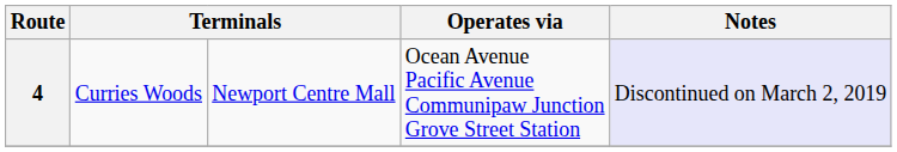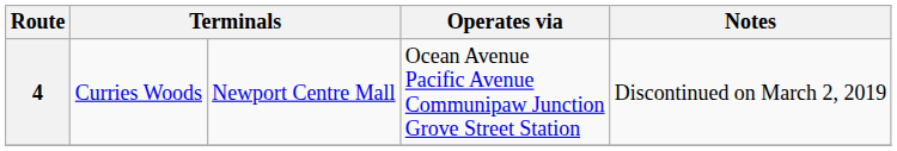 <table class="wikitable" style="font-size: 100%;" |>
 <tr>
 <th>Route</th>
 <th colspan=2>Terminals</th>
 <th>Operates via</th>
 <th>Notes</th>
 </tr>
 <tr>
 <th>4</th>
 <td><a href='#'>Curries Woods</a></td>
 <td><a href='#'>Newport Centre Mall</a></td>
 <td>Ocean Avenue<br><a href='#'>Pacific Avenue</a><br><a href='#'>Communipaw Junction</a><br><a href='#'>Grove Street Station</a></td>
-<td style="background: lavender;">Discontinued on March 2, 2019</td>
+<td>Discontinued on March 2, 2019</td>
 </tr>
 <tr>
 </tr>
 </table>
